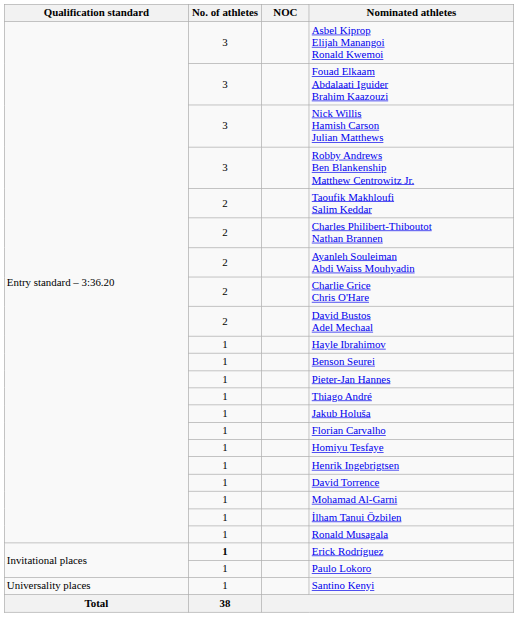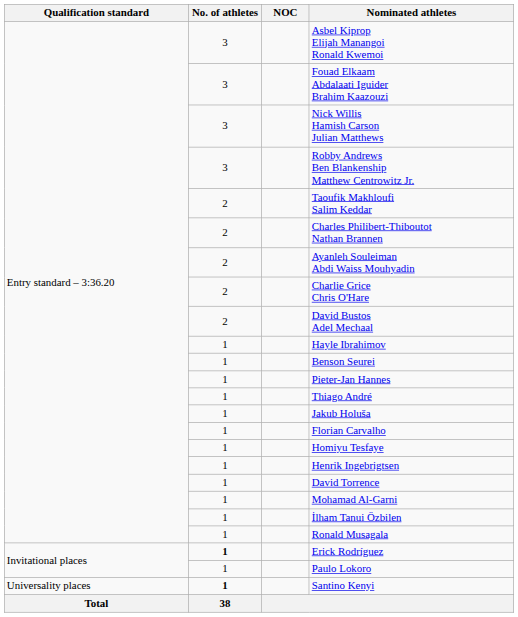 <table class="wikitable"  style="text-align:left; width:750px;">
 <tr>
 <th>Qualification standard</th>
 <th width=100>No. of athletes</th>
 <th>NOC</th>
 <th>Nominated athletes</th>
 </tr>
 <tr>
 <td rowspan=21>Entry standard – 3:36.20</td>
 <td style="text-align:center;">3</td>
 <td></td>
 <td><a href='#'>Asbel Kiprop</a><br><a href='#'>Elijah Manangoi</a><br><a href='#'>Ronald Kwemoi</a></td>
 </tr>
 <tr>
 <td style="text-align:center;">3</td>
 <td></td>
 <td><a href='#'>Fouad Elkaam</a><br><a href='#'>Abdalaati Iguider</a><br><a href='#'>Brahim Kaazouzi</a></td>
 </tr>
 <tr>
 <td style="text-align:center;">3</td>
 <td></td>
 <td><a href='#'>Nick Willis</a><br><a href='#'>Hamish Carson</a><br><a href='#'>Julian Matthews</a></td>
 </tr>
 <tr>
 <td style="text-align:center;">3</td>
 <td></td>
 <td><a href='#'>Robby Andrews</a><br><a href='#'>Ben Blankenship</a><br><a href='#'>Matthew Centrowitz Jr.</a></td>
 </tr>
 <tr>
 <td style="text-align:center;">2</td>
 <td></td>
 <td><a href='#'>Taoufik Makhloufi</a><br><a href='#'>Salim Keddar</a></td>
 </tr>
 <tr>
 <td style="text-align:center;">2</td>
 <td></td>
 <td><a href='#'>Charles Philibert-Thiboutot</a><br><a href='#'>Nathan Brannen</a></td>
 </tr>
 <tr>
 <td style="text-align:center;">2</td>
 <td></td>
 <td><a href='#'>Ayanleh Souleiman</a><br><a href='#'>Abdi Waiss Mouhyadin</a></td>
 </tr>
 <tr>
 <td style="text-align:center;">2</td>
 <td></td>
 <td><a href='#'>Charlie Grice</a><br><a href='#'>Chris O'Hare</a></td>
 </tr>
 <tr>
 <td style="text-align:center;">2</td>
 <td></td>
 <td><a href='#'>David Bustos</a><br><a href='#'>Adel Mechaal</a></td>
 </tr>
 <tr>
 <td style="text-align:center;">1</td>
 <td></td>
 <td><a href='#'>Hayle Ibrahimov</a></td>
 </tr>
 <tr>
 <td style="text-align:center;">1</td>
 <td></td>
 <td><a href='#'>Benson Seurei</a></td>
 </tr>
 <tr>
 <td style="text-align:center;">1</td>
 <td></td>
 <td><a href='#'>Pieter-Jan Hannes</a></td>
 </tr>
 <tr>
 <td style="text-align:center;">1</td>
 <td></td>
 <td><a href='#'>Thiago André</a></td>
 </tr>
 <tr>
 <td style="text-align:center;">1</td>
 <td></td>
 <td><a href='#'>Jakub Holuša</a></td>
 </tr>
 <tr>
 <td style="text-align:center;">1</td>
 <td></td>
 <td><a href='#'>Florian Carvalho</a></td>
 </tr>
 <tr>
 <td style="text-align:center;">1</td>
 <td></td>
 <td><a href='#'>Homiyu Tesfaye</a></td>
 </tr>
 <tr>
 <td style="text-align:center;">1</td>
 <td></td>
 <td><a href='#'>Henrik Ingebrigtsen</a></td>
 </tr>
 <tr>
 <td style="text-align:center;">1</td>
 <td></td>
 <td><a href='#'>David Torrence</a></td>
 </tr>
 <tr>
 <td style="text-align:center;">1</td>
 <td></td>
 <td><a href='#'>Mohamad Al-Garni</a></td>
 </tr>
 <tr>
 <td style="text-align:center;">1</td>
 <td></td>
 <td><a href='#'>İlham Tanui Özbilen</a></td>
 </tr>
 <tr>
 <td style="text-align:center;">1</td>
 <td></td>
 <td><a href='#'>Ronald Musagala</a></td>
 </tr>
 <tr>
 <td rowspan=2>Invitational places</td>
 <td style="text-align:center;"><strong>1</strong></td>
 <td></td>
 <td><a href='#'>Erick Rodríguez</a></td>
 </tr>
 <tr>
 <td style="text-align:center;">1</td>
 <td></td>
 <td><a href='#'>Paulo Lokoro</a></td>
 </tr>
 <tr>
 <td>Universality places</td>
-<td style="text-align:center;">1</td>
+<td style="text-align:center;"><strong>1</strong></td>
 <td></td>
 <td><a href='#'>Santino Kenyi</a></td>
 </tr>
 <tr>
 <th>Total</th>
 <th>38</th>
 <th colspan=3></th>
 </tr>
 </table>
